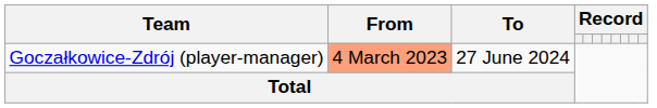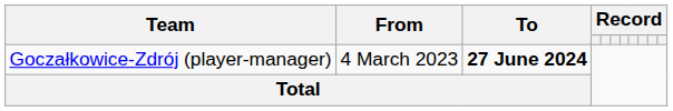 <table class="wikitable" style="text-align: center;">
 <tr>
 <th rowspan="2">Team</th>
 <th rowspan="2">From</th>
 <th rowspan="2">To</th>
 <th colspan="8">Record</th>
 </tr>
 <tr>
 <th></th>
 <th></th>
 <th></th>
 <th></th>
 <th></th>
 <th></th>
 <th></th>
 <th></th>
 </tr>
 <tr>
 <td align=left><a href='#'>Goczałkowice-Zdrój</a> (player-manager)</td>
-<td align=left style="background: lightsalmon;">4 March 2023</td>
-<td align=left>27 June 2024<br></td>
+<td align=left>4 March 2023</td>
+<td align=left><strong>27 June 2024<br></strong></td>
 </tr>
 <tr>
 <th colspan="3">Total<br></th>
 </tr>
 </table>
